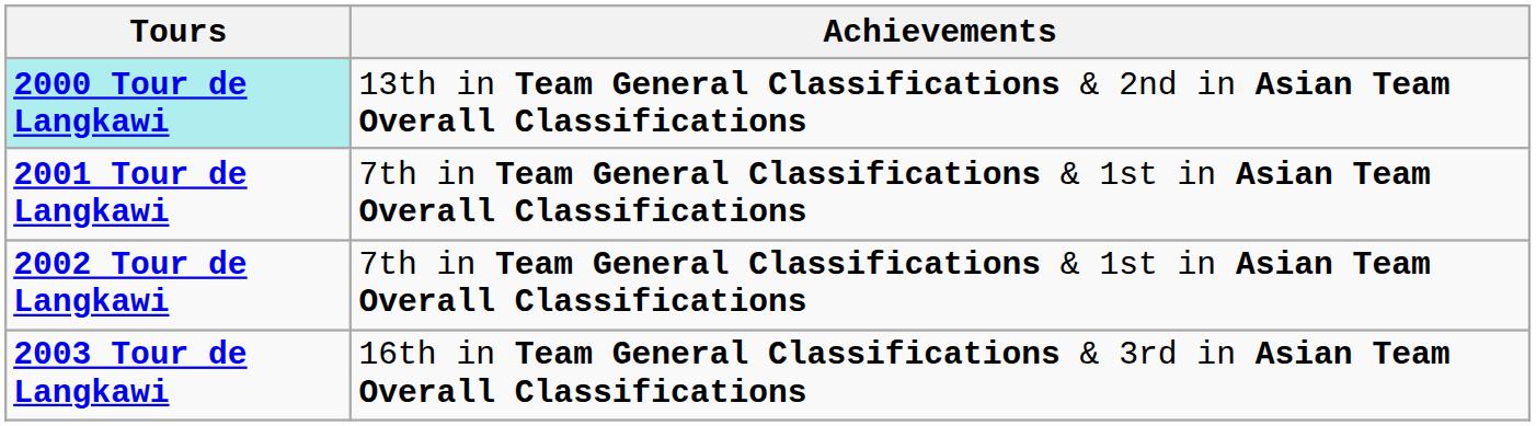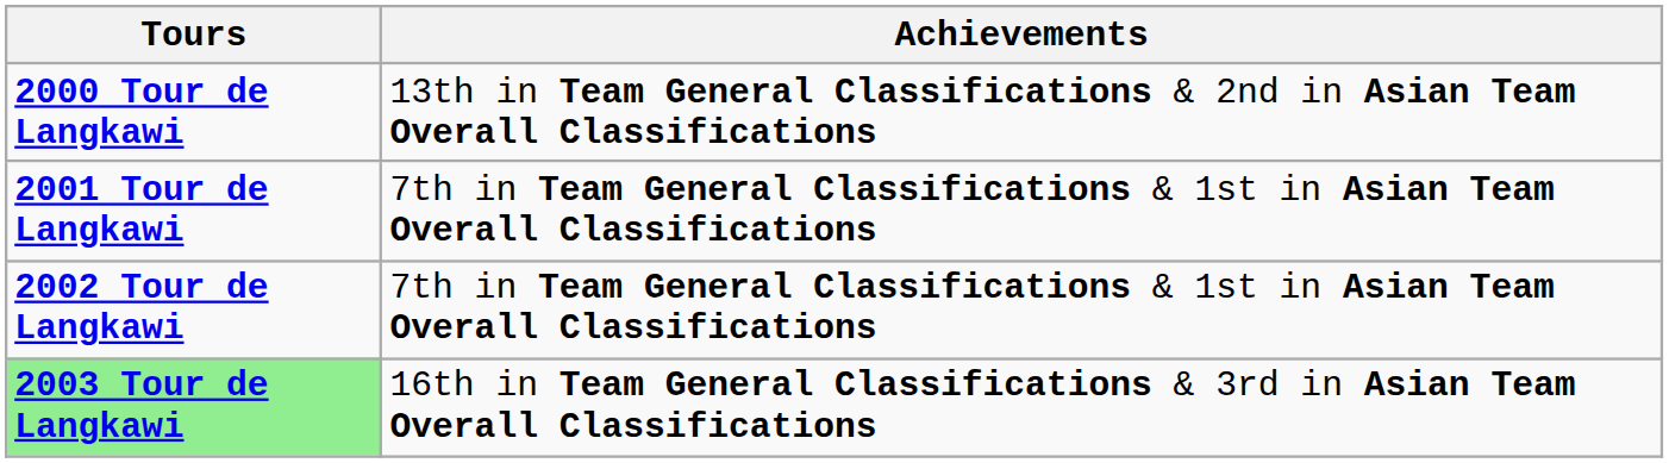 <table class="wikitable">
 <tr>
 <th Align=Left>Tours</th>
 <th Align=Left>Achievements</th>
 </tr>
 <tr>
-<td style="background: paleturquoise;"><strong><a href='#'>2000 Tour de Langkawi</a></strong></td>
+<td><strong><a href='#'>2000 Tour de Langkawi</a></strong></td>
 <td VAlign=Top>13th in <strong>Team General Classifications</strong> & 2nd in <strong>Asian Team Overall Classifications</strong></td>
 </tr>
 <tr>
 <td VAlign=Top><strong><a href='#'>2001 Tour de Langkawi</a></strong></td>
 <td VAlign=Top>7th in <strong>Team General Classifications</strong> & 1st in <strong>Asian Team Overall Classifications</strong></td>
 </tr>
 <tr>
 <td VAlign=Top><strong><a href='#'>2002 Tour de Langkawi</a></strong></td>
 <td VAlign=Top>7th in <strong>Team General Classifications</strong> & 1st in <strong>Asian Team Overall Classifications</strong></td>
 </tr>
 <tr>
-<td VAlign=Top><strong><a href='#'>2003 Tour de Langkawi</a></strong></td>
+<td VAlign=Top style="background: lightgreen;"><strong><a href='#'>2003 Tour de Langkawi</a></strong></td>
 <td VAlign=Top>16th in <strong>Team General Classifications</strong> & 3rd in <strong>Asian Team Overall Classifications</strong></td>
 </tr>
 </table>
